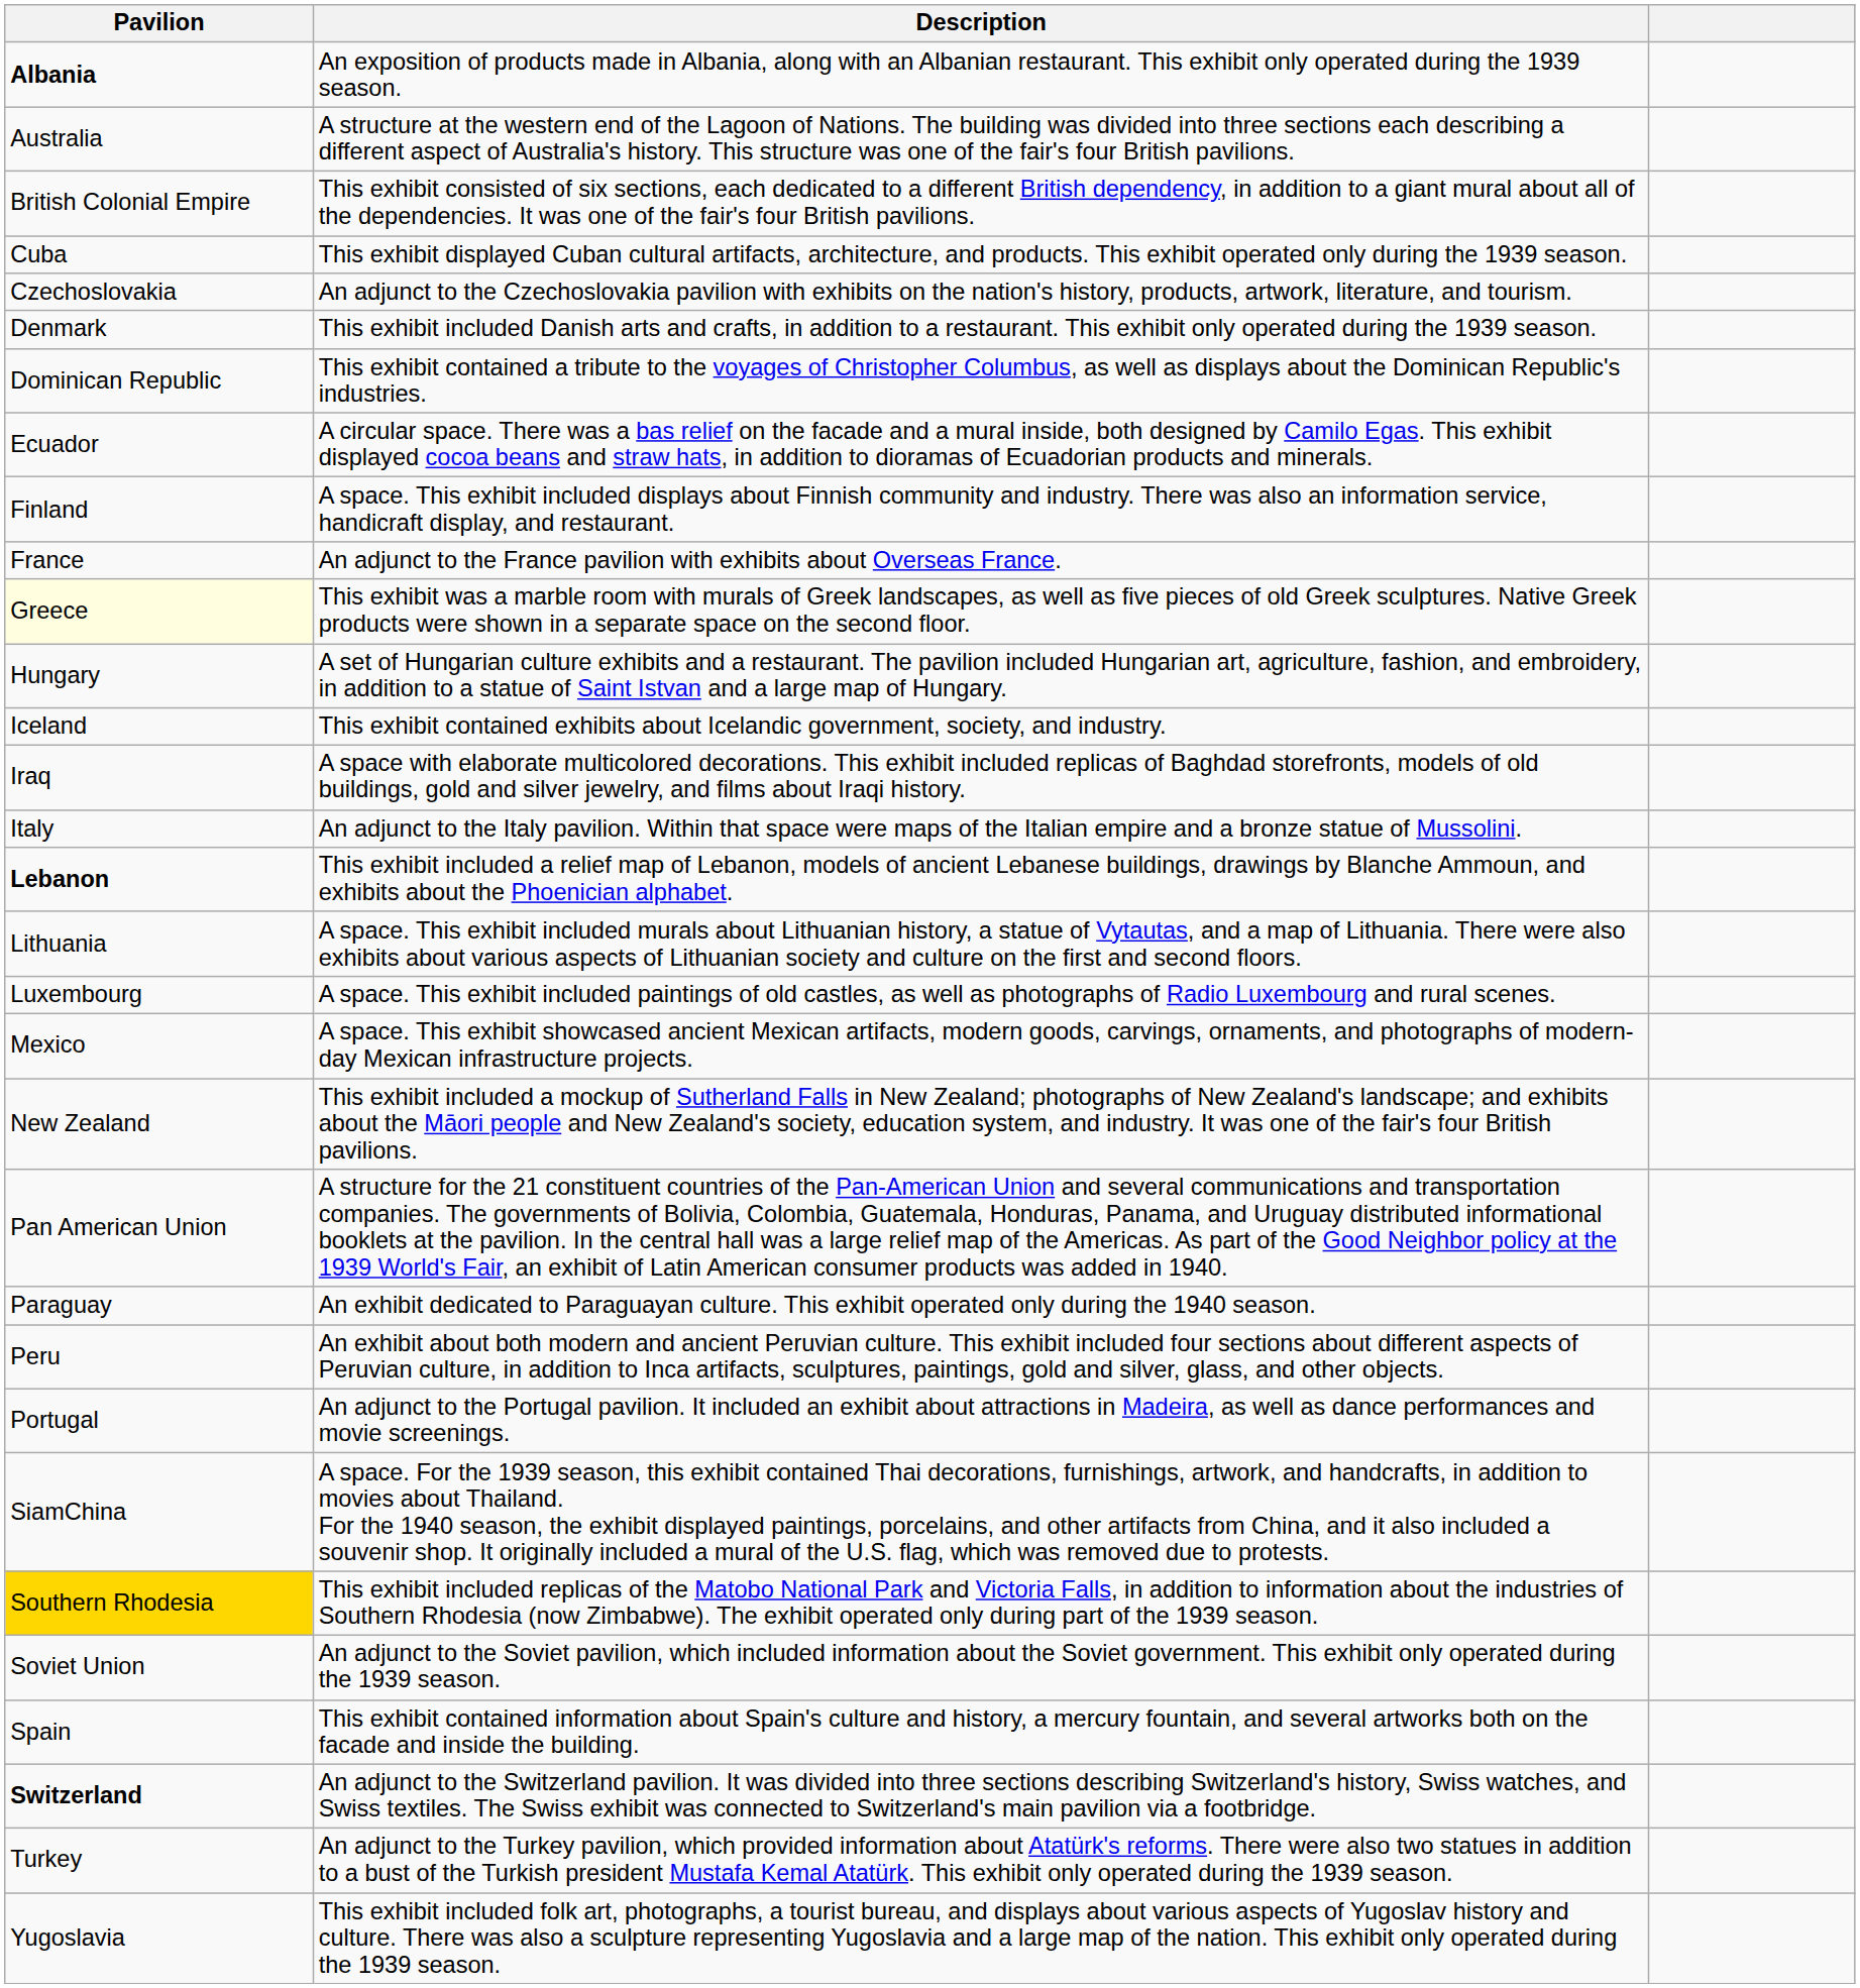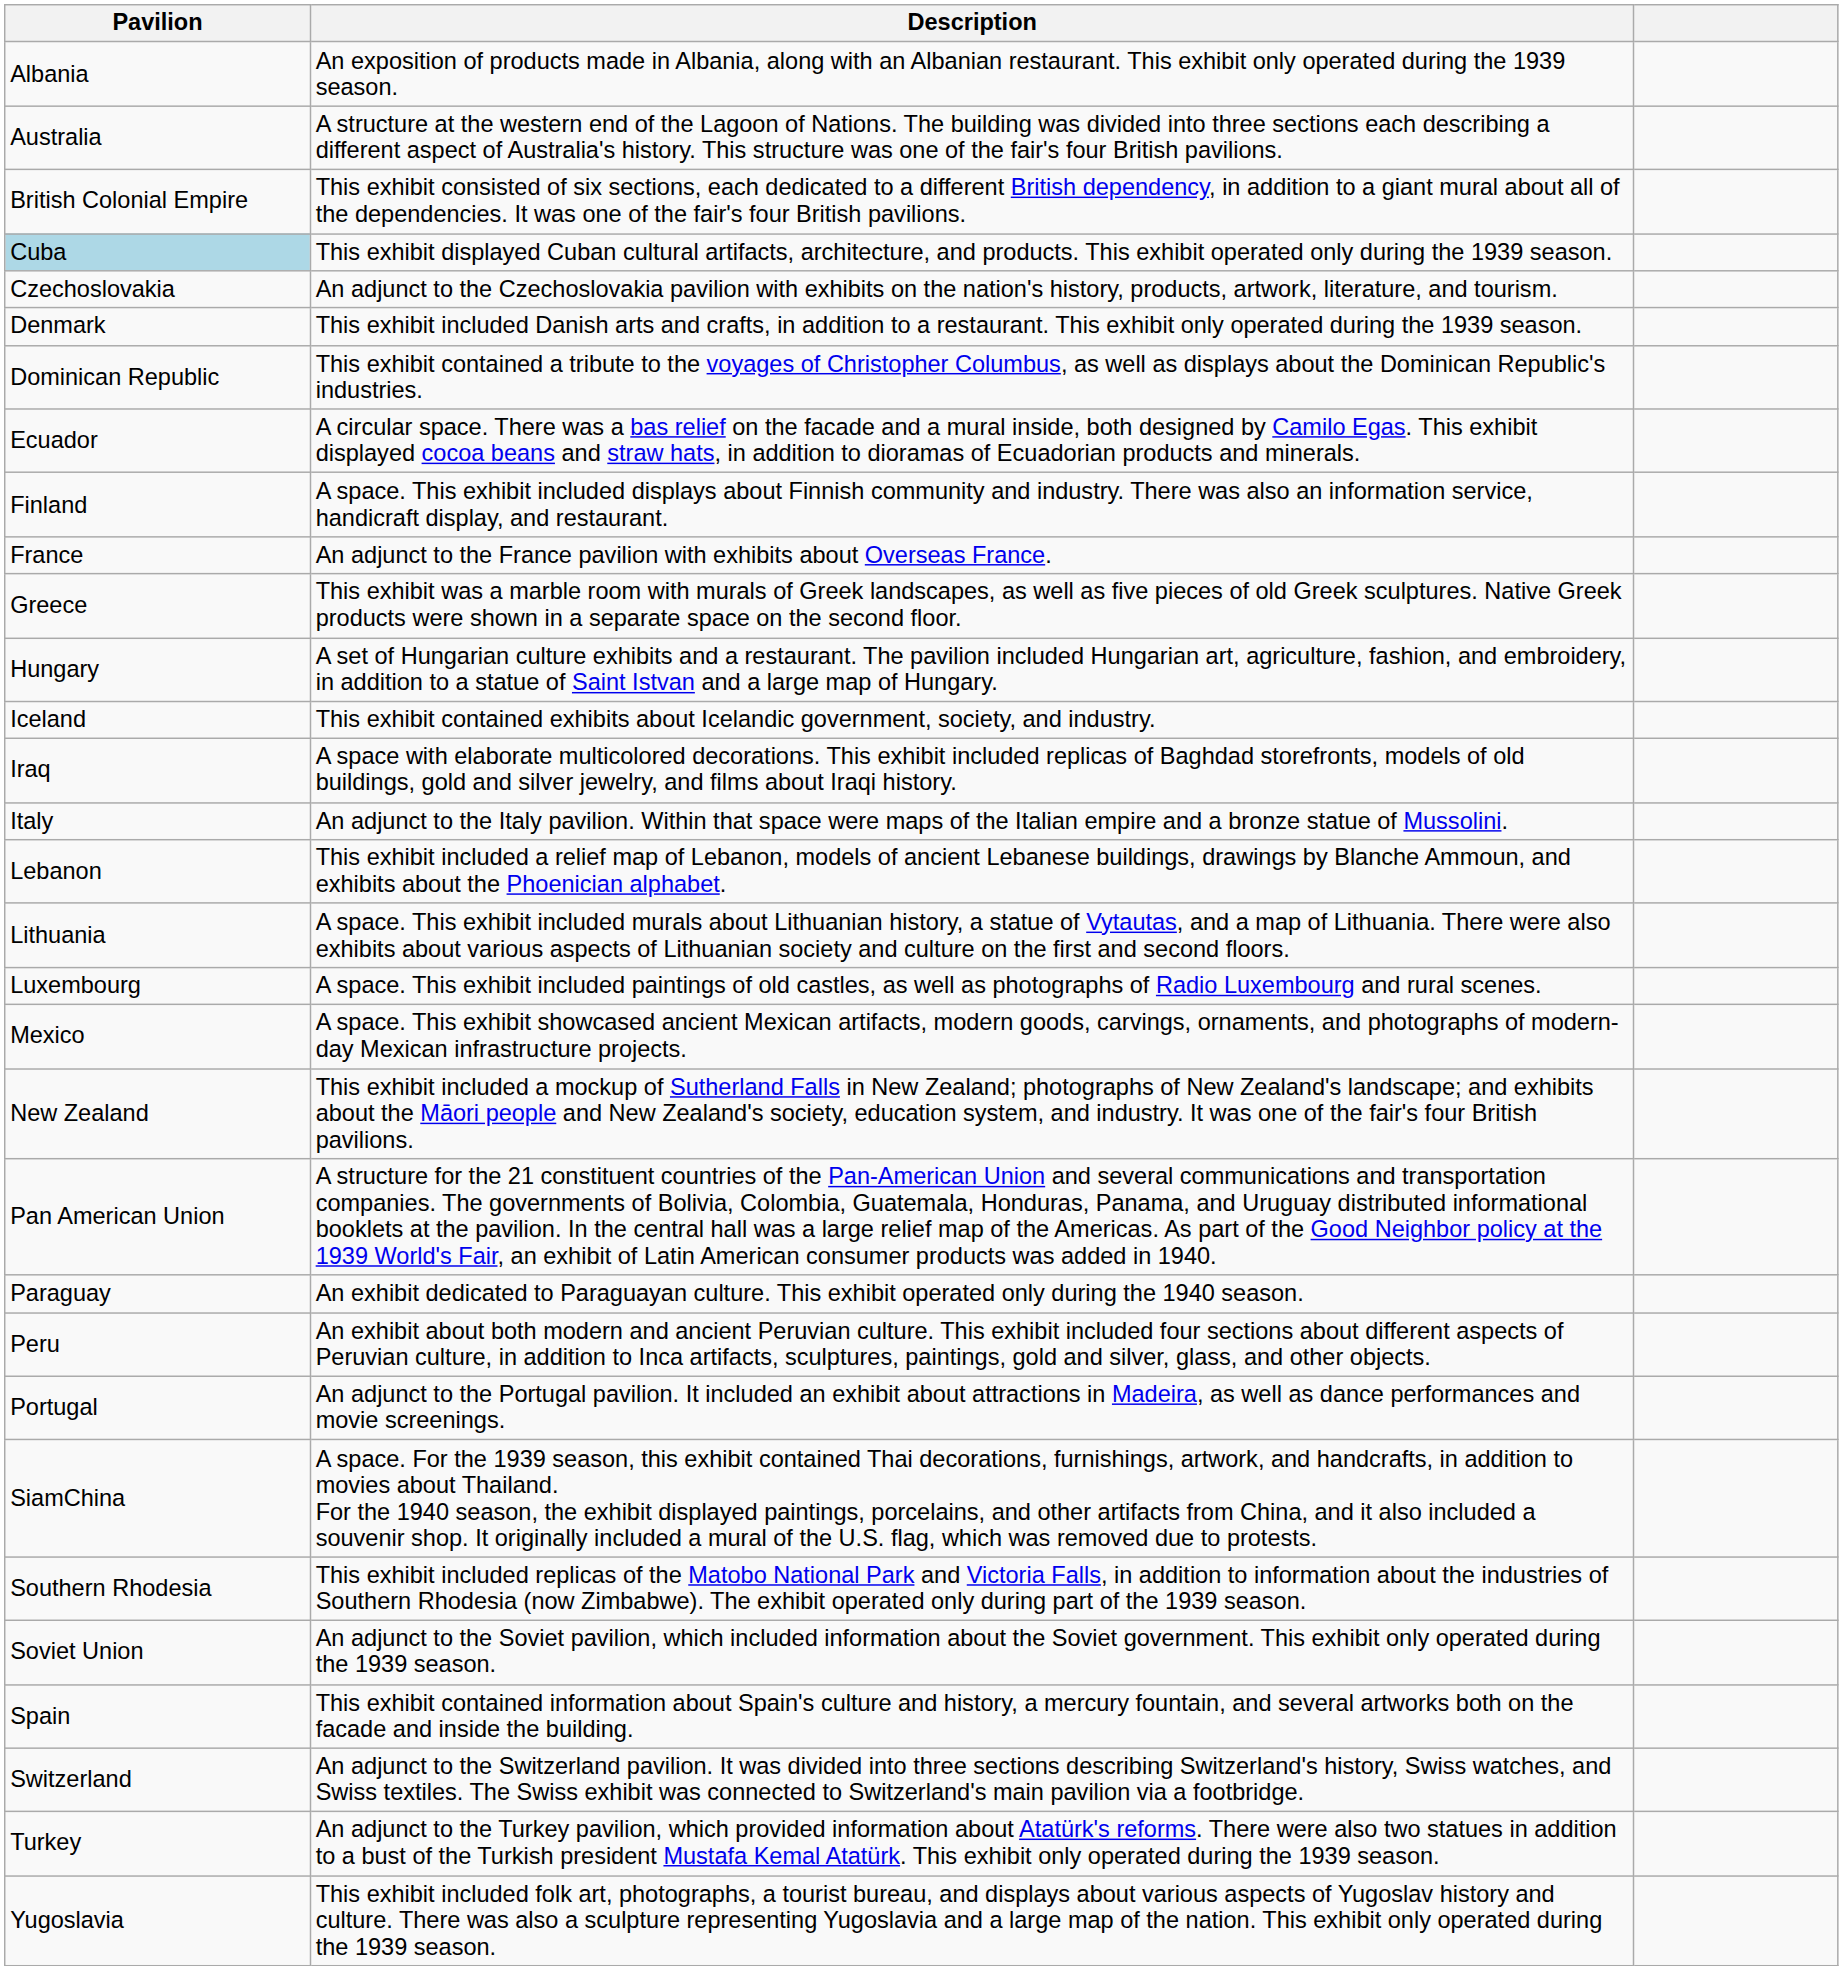 <table class="wikitable collapsible">
 <tr>
 <th width="15%" scope="col">Pavilion</th>
 <th width="65%" scope="col">Description</th>
 <th width="10%" scope="col"></th>
 </tr>
 <tr>
-<td><strong>Albania</strong></td>
+<td>Albania</td>
 <td>An exposition of products made in Albania, along with an Albanian restaurant. This exhibit only operated during the 1939 season.</td>
 <td></td>
 </tr>
 <tr>
 <td>Australia</td>
 <td>A structure at the western end of the Lagoon of Nations. The building was divided into three sections each describing a different aspect of Australia's history. This structure was one of the fair's four British pavilions.</td>
 <td></td>
 </tr>
 <tr>
 <td>British Colonial Empire</td>
 <td>This exhibit consisted of six sections, each dedicated to a different <a href='#'>British dependency</a>, in addition to a giant mural about all of the dependencies. It was one of the fair's four British pavilions.</td>
 <td></td>
 </tr>
 <tr>
-<td>Cuba</td>
+<td style="background: lightblue;">Cuba</td>
 <td>This exhibit displayed Cuban cultural artifacts, architecture, and products. This exhibit operated only during the 1939 season.</td>
 <td></td>
 </tr>
 <tr>
 <td>Czechoslovakia</td>
 <td>An adjunct to the Czechoslovakia pavilion with exhibits on the nation's history, products, artwork, literature, and tourism.</td>
 <td></td>
 </tr>
 <tr>
 <td>Denmark</td>
 <td>This exhibit included Danish arts and crafts, in addition to a restaurant. This exhibit only operated during the 1939 season.</td>
 <td></td>
 </tr>
 <tr>
 <td>Dominican Republic</td>
 <td>This exhibit contained a tribute to the <a href='#'>voyages of Christopher Columbus</a>, as well as displays about the Dominican Republic's industries.</td>
 <td></td>
 </tr>
 <tr>
 <td>Ecuador</td>
 <td>A  circular space. There was a <a href='#'>bas relief</a> on the facade and a mural inside, both designed by <a href='#'>Camilo Egas</a>. This exhibit displayed <a href='#'>cocoa beans</a> and <a href='#'>straw hats</a>, in addition to dioramas of Ecuadorian products and minerals.</td>
 <td></td>
 </tr>
 <tr>
 <td>Finland</td>
 <td>A  space. This exhibit included displays about Finnish community and industry. There was also an information service, handicraft display, and restaurant.</td>
 <td></td>
 </tr>
 <tr>
 <td>France</td>
 <td>An adjunct to the France pavilion with exhibits about <a href='#'>Overseas France</a>.</td>
 <td></td>
 </tr>
 <tr>
-<td style="background: lightyellow;">Greece</td>
+<td>Greece</td>
 <td>This exhibit was a marble room with murals of Greek landscapes, as well as five pieces of old Greek sculptures. Native Greek products were shown in a separate space on the second floor.</td>
 <td></td>
 </tr>
 <tr>
 <td>Hungary</td>
 <td>A set of Hungarian culture exhibits and a restaurant. The pavilion included Hungarian art, agriculture, fashion, and embroidery, in addition to a statue of <a href='#'>Saint Istvan</a> and a large map of Hungary.</td>
 <td></td>
 </tr>
 <tr>
 <td>Iceland</td>
 <td>This exhibit contained exhibits about Icelandic government, society, and industry.</td>
 <td></td>
 </tr>
 <tr>
 <td>Iraq</td>
 <td>A space with elaborate multicolored decorations. This exhibit included replicas of Baghdad storefronts, models of old buildings, gold and silver jewelry, and films about Iraqi history.</td>
 <td></td>
 </tr>
 <tr>
 <td>Italy</td>
 <td>An adjunct to the Italy pavilion. Within that space were maps of the Italian empire and a bronze statue of <a href='#'>Mussolini</a>.</td>
 <td></td>
 </tr>
 <tr>
-<td><strong>Lebanon</strong></td>
+<td>Lebanon</td>
 <td>This exhibit included a relief map of Lebanon, models of ancient Lebanese buildings, drawings by Blanche Ammoun, and exhibits about the <a href='#'>Phoenician alphabet</a>.</td>
 <td></td>
 </tr>
 <tr>
 <td>Lithuania</td>
 <td>A  space. This exhibit included murals about Lithuanian history, a statue of <a href='#'>Vytautas</a>, and a map of Lithuania. There were also exhibits about various aspects of Lithuanian society and culture on the first and second floors.</td>
 <td></td>
 </tr>
 <tr>
 <td>Luxembourg</td>
 <td>A  space. This exhibit included paintings of old castles, as well as photographs of <a href='#'>Radio Luxembourg</a> and rural scenes.</td>
 <td></td>
 </tr>
 <tr>
 <td>Mexico</td>
 <td>A  space. This exhibit showcased ancient Mexican artifacts, modern goods, carvings, ornaments, and photographs of modern-day Mexican infrastructure projects.</td>
 <td></td>
 </tr>
 <tr>
 <td>New Zealand</td>
 <td>This exhibit included a mockup of <a href='#'>Sutherland Falls</a> in New Zealand; photographs of New Zealand's landscape; and exhibits about the <a href='#'>Māori people</a> and New Zealand's society, education system, and industry. It was one of the fair's four British pavilions.</td>
 <td></td>
 </tr>
 <tr>
 <td>Pan American Union</td>
 <td>A structure for the 21 constituent countries of the <a href='#'>Pan-American Union</a> and several communications and transportation companies. The governments of Bolivia, Colombia, Guatemala, Honduras, Panama, and Uruguay distributed informational booklets at the pavilion. In the central hall was a large relief map of the Americas. As part of the <a href='#'>Good Neighbor policy at the 1939 World's Fair</a>, an exhibit of Latin American consumer products was added in 1940.</td>
 <td></td>
 </tr>
 <tr>
 <td>Paraguay</td>
 <td>An exhibit dedicated to Paraguayan culture. This exhibit operated only during the 1940 season.</td>
 <td></td>
 </tr>
 <tr>
 <td>Peru</td>
 <td>An exhibit about both modern and ancient Peruvian culture. This exhibit included four sections about different aspects of Peruvian culture, in addition to Inca artifacts, sculptures, paintings, gold and silver, glass, and other objects.</td>
 <td></td>
 </tr>
 <tr>
 <td>Portugal</td>
 <td>An adjunct to the Portugal pavilion. It included an exhibit about attractions in <a href='#'>Madeira</a>, as well as dance performances and movie screenings.</td>
 <td></td>
 </tr>
 <tr>
 <td>SiamChina</td>
 <td>A  space. For the 1939 season, this exhibit contained Thai decorations, furnishings, artwork, and handcrafts, in addition to movies about Thailand.<br>For the 1940 season, the exhibit displayed paintings, porcelains, and other artifacts from China, and it also included a souvenir shop. It originally included a mural of the U.S. flag, which was removed due to protests.</td>
 <td></td>
 </tr>
 <tr>
-<td style="background: gold;">Southern Rhodesia</td>
+<td>Southern Rhodesia</td>
 <td>This exhibit included replicas of the <a href='#'>Matobo National Park</a> and <a href='#'>Victoria Falls</a>, in addition to information about the industries of Southern Rhodesia (now Zimbabwe). The exhibit operated only during part of the 1939 season.</td>
 <td></td>
 </tr>
 <tr>
 <td>Soviet Union</td>
 <td>An adjunct to the Soviet pavilion, which included information about the Soviet government. This exhibit only operated during the 1939 season.</td>
 <td></td>
 </tr>
 <tr>
 <td>Spain</td>
 <td>This exhibit contained information about Spain's culture and history, a mercury fountain, and several artworks both on the facade and inside the building.</td>
 <td></td>
 </tr>
 <tr>
-<td><strong>Switzerland</strong></td>
+<td>Switzerland</td>
 <td>An adjunct to the Switzerland pavilion. It was divided into three sections describing Switzerland's history, Swiss watches, and Swiss textiles. The Swiss exhibit was connected to Switzerland's main pavilion via a footbridge.</td>
 <td></td>
 </tr>
 <tr>
 <td>Turkey</td>
 <td>An adjunct to the Turkey pavilion, which provided information about <a href='#'>Atatürk's reforms</a>. There were also two statues in addition to a bust of the Turkish president <a href='#'>Mustafa Kemal Atatürk</a>. This exhibit only operated during the 1939 season.</td>
 <td></td>
 </tr>
 <tr>
 <td>Yugoslavia</td>
 <td>This exhibit included folk art, photographs, a tourist bureau, and displays about various aspects of Yugoslav history and culture. There was also a sculpture representing Yugoslavia and a large map of the nation. This exhibit only operated during the 1939 season.</td>
 <td></td>
 </tr>
 </table>
